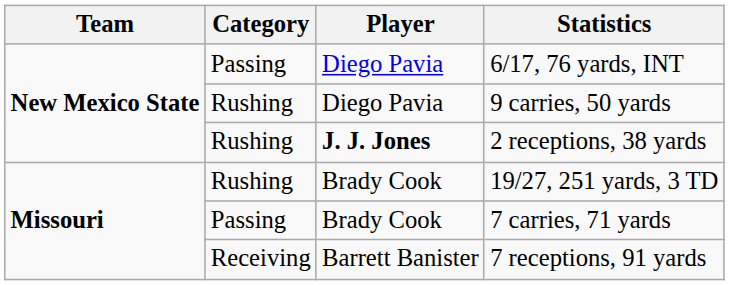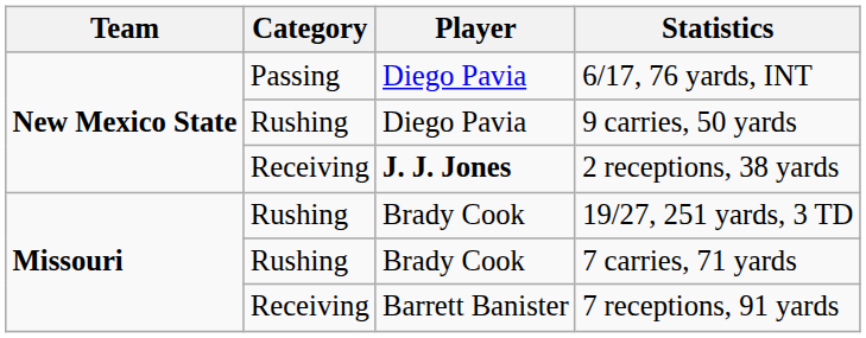 <table class="wikitable" style="float: right;">
 <tr>
 <th>Team</th>
 <th>Category</th>
 <th>Player</th>
 <th>Statistics</th>
 </tr>
 <tr>
 <td rowspan=3><strong>New Mexico State</strong></td>
 <td>Passing</td>
 <td><a href='#'>Diego Pavia</a></td>
 <td>6/17, 76 yards, INT</td>
 </tr>
 <tr>
 <td>Rushing</td>
 <td>Diego Pavia</td>
 <td>9 carries, 50 yards</td>
 </tr>
 <tr>
-<td>Rushing</td>
+<td>Receiving</td>
 <td><strong>J. J. Jones</strong></td>
 <td>2 receptions, 38 yards</td>
 </tr>
 <tr>
 <td rowspan=3><strong>Missouri</strong></td>
 <td>Rushing</td>
 <td>Brady Cook</td>
 <td>19/27, 251 yards, 3 TD</td>
 </tr>
 <tr>
-<td>Passing</td>
+<td>Rushing</td>
 <td>Brady Cook</td>
 <td>7 carries, 71 yards</td>
 </tr>
 <tr>
 <td>Receiving</td>
 <td>Barrett Banister</td>
 <td>7 receptions, 91 yards</td>
 </tr>
 </table>
